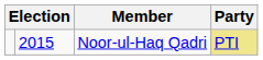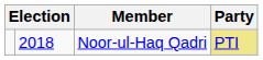 <table class="wikitable">
 <tr>
 <th colspan="2">Election</th>
 <th>Member</th>
 <th>Party</th>
 </tr>
 <tr>
 <td style="background-color: "></td>
-<td><a href='#'>2015</a></td>
+<td><a href='#'>2018</a></td>
 <td><a href='#'>Noor-ul-Haq Qadri</a></td>
 <td style="background: khaki;"><a href='#'>PTI</a></td>
 </tr>
 </table>
